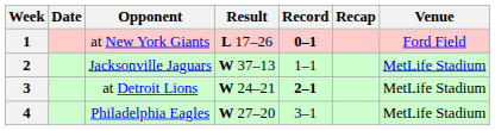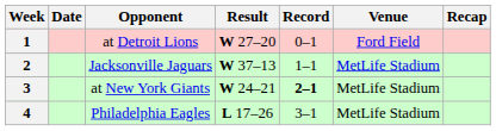 <table class="wikitable" style="text-align:center">
 <tr>
 <th>Week</th>
 <th>Date</th>
 <th>Opponent</th>
 <th>Result</th>
 <th>Record</th>
+<th>Venue</th>
 <th>Recap</th>
-<th>Venue</th>
 </tr>
 <tr style="background:#fcc">
 <th>1</th>
 <td></td>
-<td>at <a href='#'>New York Giants</a></td>
-<td><strong>L</strong> 17–26</td>
-<td><strong>0–1</strong></td>
+<td>at <a href='#'>Detroit Lions</a></td>
+<td><strong>W</strong> 27–20</td>
+<td>0–1</td>
+<td><a href='#'>Ford Field</a></td>
 <td></td>
-<td><a href='#'>Ford Field</a></td>
 </tr>
 <tr style="background:#cfc">
 <th>2</th>
 <td></td>
 <td><a href='#'>Jacksonville Jaguars</a></td>
 <td><strong>W</strong> 37–13</td>
 <td>1–1</td>
+<td><a href='#'>MetLife Stadium</a></td>
 <td></td>
-<td><a href='#'>MetLife Stadium</a></td>
 </tr>
 <tr style="background:#cfc">
 <th>3</th>
 <td></td>
-<td>at <a href='#'>Detroit Lions</a></td>
+<td>at <a href='#'>New York Giants</a></td>
 <td><strong>W</strong> 24–21 </td>
 <td><strong>2–1</strong></td>
+<td>MetLife Stadium</td>
 <td></td>
-<td>MetLife Stadium</td>
 </tr>
 <tr style="background:#cfc">
 <th>4</th>
 <td></td>
 <td><a href='#'>Philadelphia Eagles</a></td>
-<td><strong>W</strong> 27–20</td>
+<td><strong>L</strong> 17–26</td>
 <td>3–1</td>
+<td>MetLife Stadium</td>
 <td></td>
-<td>MetLife Stadium</td>
 </tr>
 </table>
